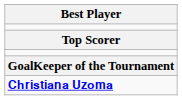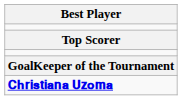 <table class="wikitable" style="margin:auto">
 <tr>
 <th>Best Player</th>
 </tr>
 <tr>
 <td></td>
 </tr>
 <tr>
 <th>Top Scorer</th>
 </tr>
 <tr>
 <td></td>
 </tr>
 <tr>
 <th>GoalKeeper of the Tournament</th>
 </tr>
 <tr>
-<td> <a href='#'>𝐂𝐡𝐫𝐢𝐬𝐭𝐢𝐚𝐧𝐚 𝐔𝐳𝐨𝐦𝐚</a></td>
+<td><strong> <a href='#'>𝐂𝐡𝐫𝐢𝐬𝐭𝐢𝐚𝐧𝐚 𝐔𝐳𝐨𝐦𝐚</a></strong></td>
 </tr>
 </table>
